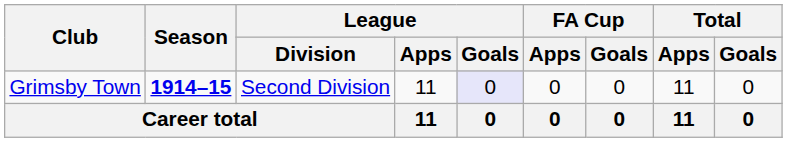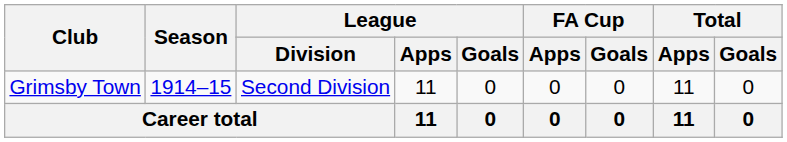 <table class="wikitable" style="text-align: center;">
 <tr>
 <th rowspan="2">Club</th>
 <th rowspan="2">Season</th>
 <th colspan="3">League</th>
 <th colspan="2">FA Cup</th>
 <th colspan="2">Total</th>
 </tr>
 <tr>
 <th>Division</th>
 <th>Apps</th>
 <th>Goals</th>
 <th>Apps</th>
 <th>Goals</th>
 <th>Apps</th>
 <th>Goals</th>
 </tr>
 <tr>
 <td><a href='#'>Grimsby Town</a></td>
-<td><strong><a href='#'>1914–15</a></strong></td>
+<td><a href='#'>1914–15</a></td>
 <td><a href='#'>Second Division</a></td>
 <td>11</td>
-<td style="background: lavender;">0</td>
+<td>0</td>
 <td>0</td>
 <td>0</td>
 <td>11</td>
 <td>0</td>
 </tr>
 <tr>
 <th colspan="3">Career total</th>
 <th>11</th>
 <th>0</th>
 <th>0</th>
 <th>0</th>
 <th>11</th>
 <th>0</th>
 </tr>
 </table>
